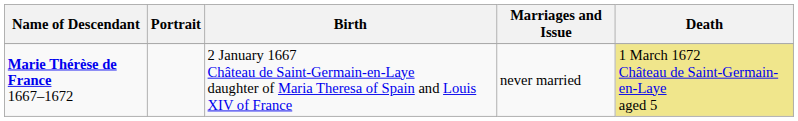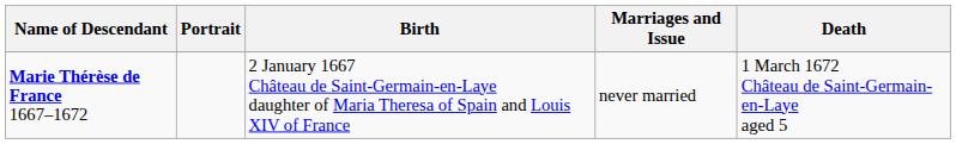 <table class="wikitable">
 <tr ->
 <th>Name of Descendant</th>
 <th>Portrait</th>
 <th>Birth</th>
 <th>Marriages and Issue</th>
 <th>Death</th>
 </tr>
 <tr ->
 </tr>
 <tr>
 <td><strong><a href='#'>Marie Thérèse de France</a></strong><br>1667–1672</td>
 <td></td>
 <td>2 January 1667<br><a href='#'>Château de Saint-Germain-en-Laye</a><br>daughter of <a href='#'>Maria Theresa of Spain</a> and <a href='#'>Louis XIV of France</a></td>
 <td>never married</td>
-<td style="background: khaki;">1 March 1672<br><a href='#'>Château de Saint-Germain-en-Laye</a><br>aged 5</td>
+<td>1 March 1672<br><a href='#'>Château de Saint-Germain-en-Laye</a><br>aged 5</td>
 </tr>
 </table>
